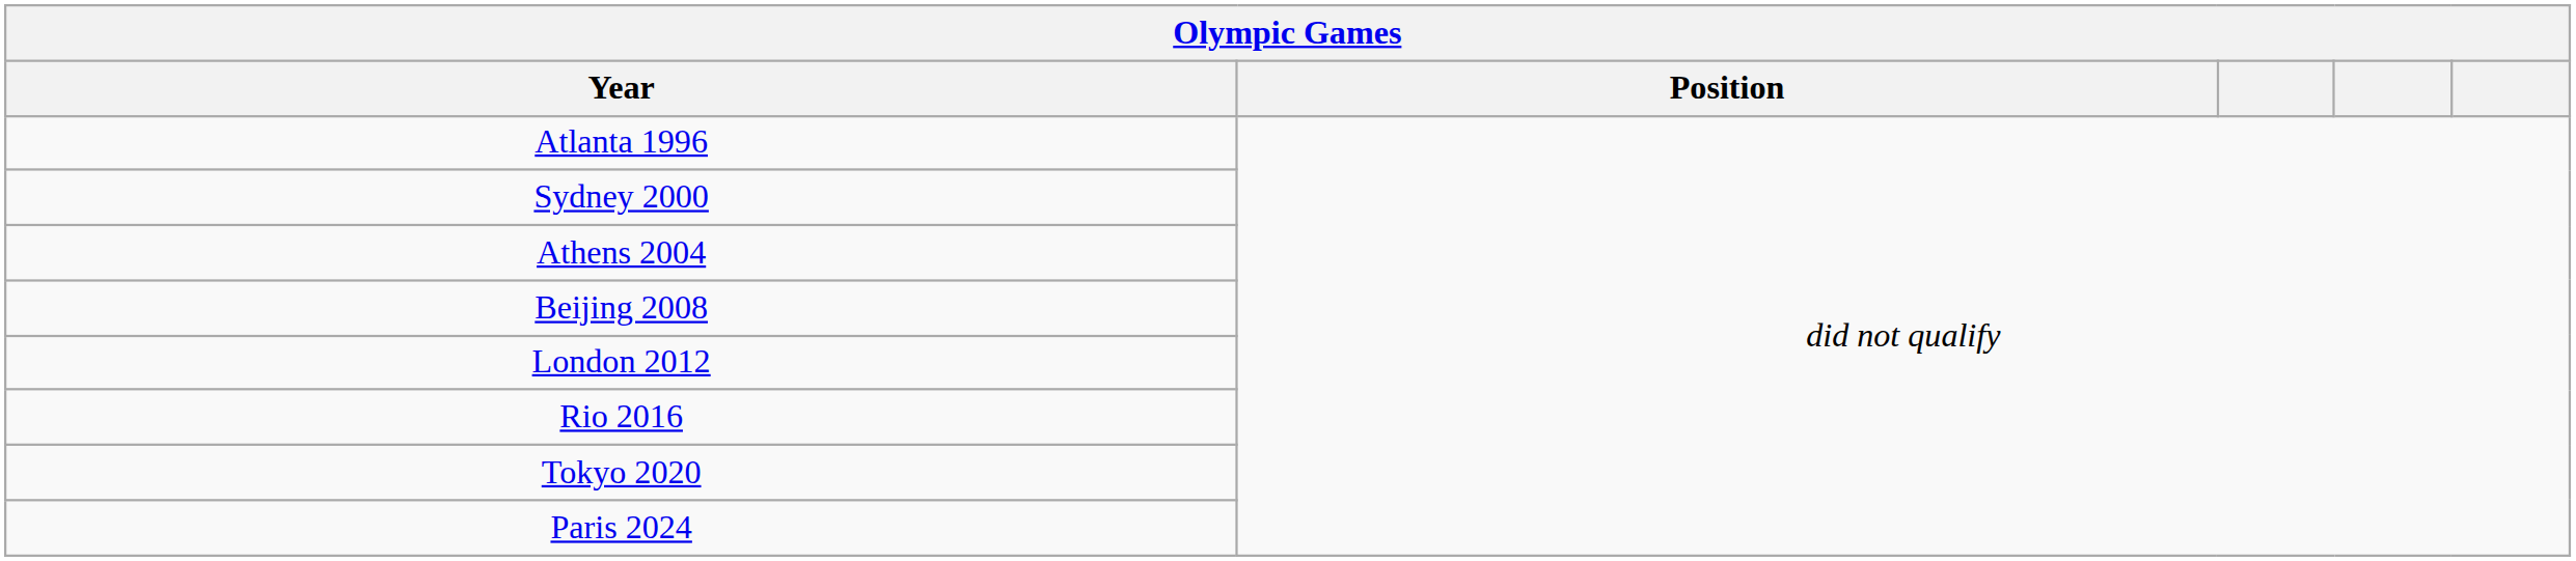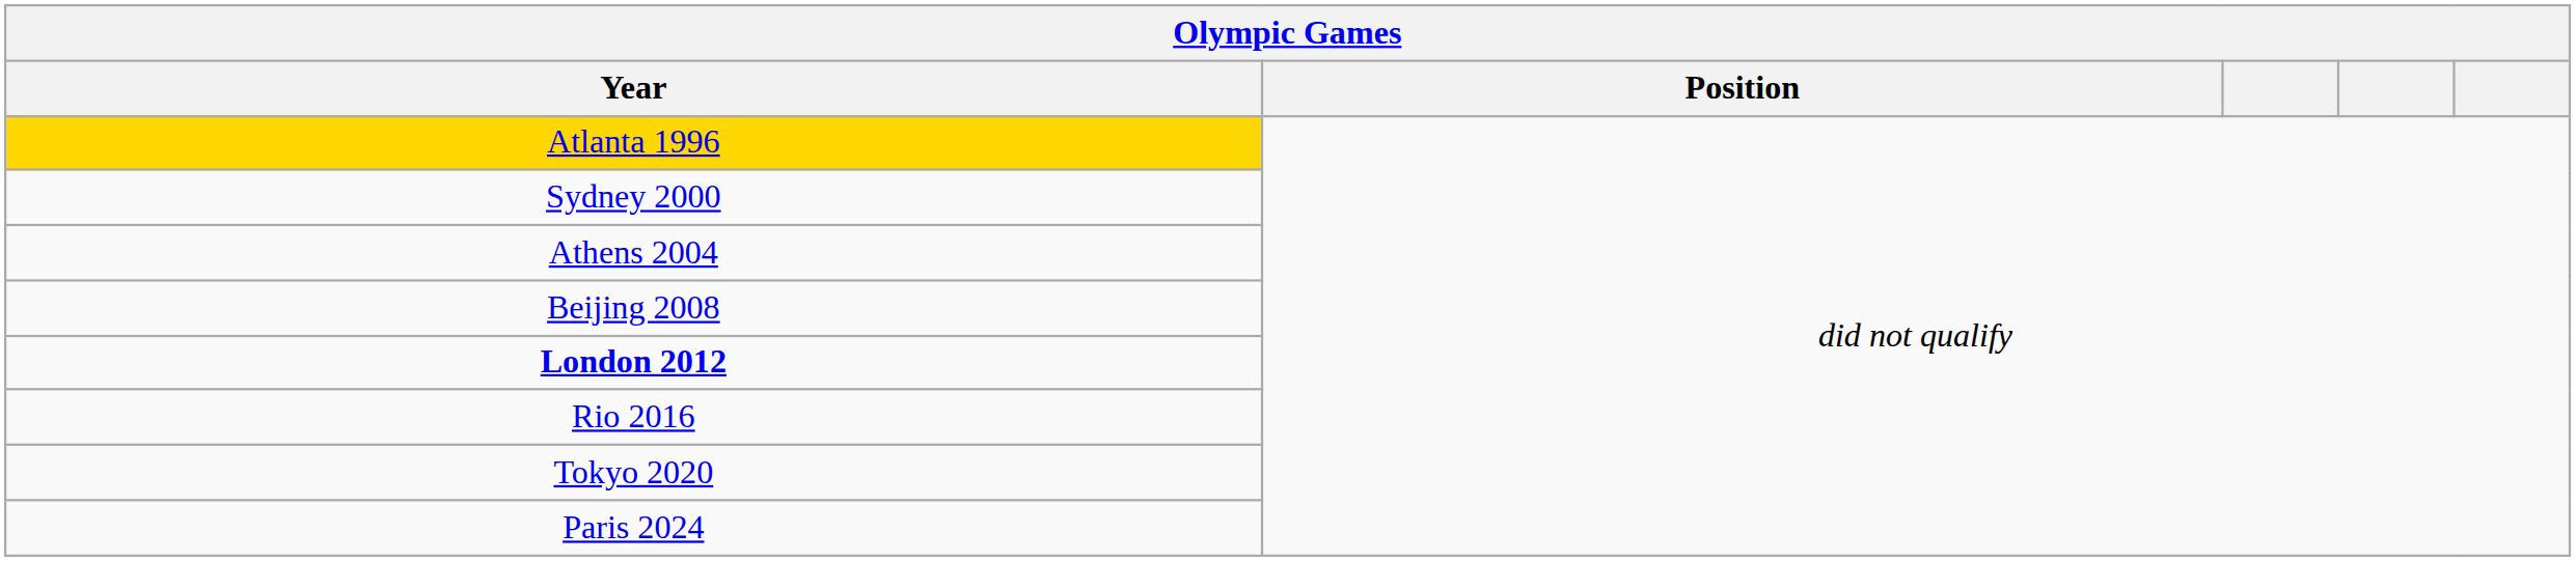 <table class="wikitable" width=70% style="text-align: center;font-size:90%;">
 <tr>
 <th colspan=5><a href='#'>Olympic Games</a></th>
 </tr>
 <tr>
 <th>Year</th>
 <th>Position</th>
 <th></th>
 <th></th>
 <th></th>
 </tr>
 <tr>
-<td> <a href='#'>Atlanta 1996</a></td>
+<td style="background: gold;"> <a href='#'>Atlanta 1996</a></td>
 <td colspan=4 rowspan=8><em>did not qualify</em></td>
 </tr>
 <tr>
 <td> <a href='#'>Sydney 2000</a></td>
 </tr>
 <tr>
 <td> <a href='#'>Athens 2004</a></td>
 </tr>
 <tr>
 <td> <a href='#'>Beijing 2008</a></td>
 </tr>
 <tr>
-<td> <a href='#'>London 2012</a></td>
+<td><strong> <a href='#'>London 2012</a></strong></td>
 </tr>
 <tr>
 <td> <a href='#'>Rio 2016</a></td>
 </tr>
 <tr>
 <td> <a href='#'>Tokyo 2020</a></td>
 </tr>
 <tr>
 <td> <a href='#'>Paris 2024</a></td>
 </tr>
 </table>
